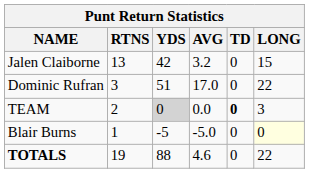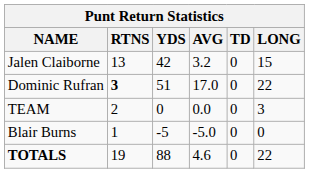 <table class="wikitable sortable collapsible collapsed">
 <tr>
 <th colspan="8">Punt Return Statistics</th>
 </tr>
 <tr>
 <th>NAME</th>
 <th>RTNS</th>
 <th>YDS</th>
 <th>AVG</th>
 <th>TD</th>
 <th>LONG</th>
 </tr>
 <tr>
 <td>Jalen Claiborne</td>
 <td>13</td>
 <td>42</td>
 <td>3.2</td>
 <td>0</td>
 <td>15</td>
 </tr>
 <tr>
 <td>Dominic Rufran</td>
-<td>3</td>
+<td><strong>3</strong></td>
 <td>51</td>
 <td>17.0</td>
 <td>0</td>
 <td>22</td>
 </tr>
 <tr>
 <td>TEAM</td>
 <td>2</td>
-<td style="background: lightgrey;">0</td>
+<td>0</td>
 <td>0.0</td>
-<td><strong>0</strong></td>
+<td>0</td>
 <td>3</td>
 </tr>
 <tr>
 <td>Blair Burns</td>
 <td>1</td>
 <td>-5</td>
 <td>-5.0</td>
 <td>0</td>
-<td style="background: lightyellow;">0</td>
+<td>0</td>
 </tr>
 <tr>
 <td><strong>TOTALS</strong></td>
 <td>19</td>
 <td>88</td>
 <td>4.6</td>
 <td>0</td>
 <td>22</td>
 </tr>
 </table>
